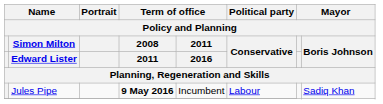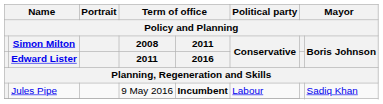 <table class="wikitable">
 <tr>
 <th colspan=2>Name</th>
 <th>Portrait</th>
 <th colspan=2>Term of office</th>
 <th>Political party</th>
 <th colspan=2>Mayor</th>
 </tr>
 <tr>
 <th colspan="8">Policy and Planning</th>
 </tr>
 <tr>
 <th style="background-color: "></th>
 <th><a href='#'>Simon Milton</a></th>
 <th></th>
 <th><strong>2008</strong></th>
 <th><strong>2011</strong></th>
 <th rowspan="2">Conservative</th>
 <th style="background-color: "></th>
 <th rowspan="2">Boris Johnson</th>
 </tr>
 <tr>
 <th style="background-color: "></th>
 <th><a href='#'>Edward Lister</a></th>
 <th></th>
 <th>2011</th>
 <th>2016</th>
 <th style="background-color: "></th>
 </tr>
 <tr>
 <th colspan="8">Planning, Regeneration and Skills</th>
 </tr>
 <tr>
 <th style="background-color: "></th>
 <td><a href='#'>Jules Pipe</a></td>
 <td></td>
-<td><strong>9 May 2016</strong></td>
-<td>Incumbent</td>
+<td>9 May 2016</td>
+<td><strong>Incumbent</strong></td>
 <td><a href='#'>Labour</a></td>
 <td rowspan=3 style="background-color: "></td>
 <td rowspan=3><a href='#'>Sadiq Khan</a></td>
 </tr>
 <tr>
 </tr>
 </table>
